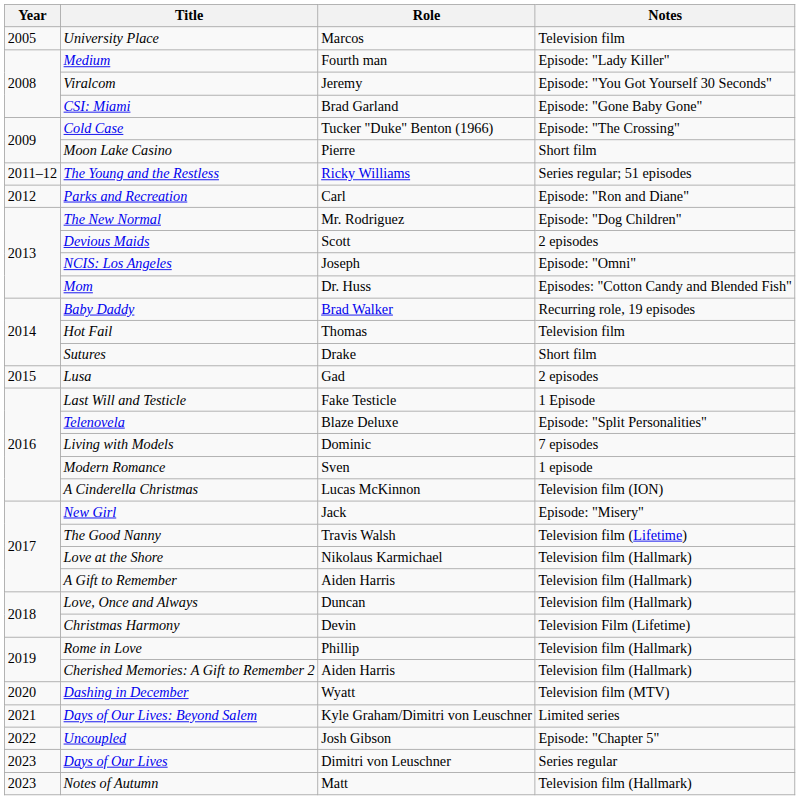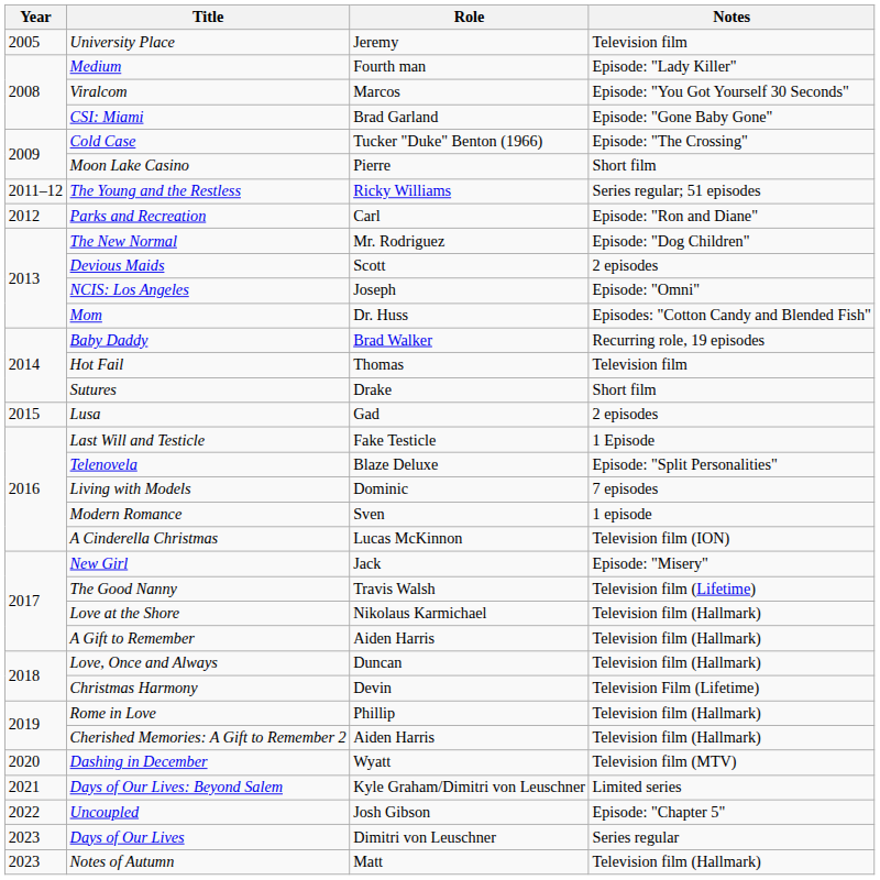 <table class="wikitable sortable">
 <tr>
 <th>Year</th>
 <th>Title</th>
 <th>Role</th>
 <th class="unsortable">Notes</th>
 </tr>
 <tr>
 <td>2005</td>
 <td><em>University Place</em></td>
-<td>Marcos</td>
+<td>Jeremy</td>
 <td>Television film</td>
 </tr>
 <tr>
 <td rowspan="3">2008</td>
 <td><em><a href='#'>Medium</a></em></td>
 <td>Fourth man</td>
 <td>Episode: "Lady Killer"</td>
 </tr>
 <tr>
 <td><em>Viralcom</em></td>
-<td>Jeremy</td>
+<td>Marcos</td>
 <td>Episode: "You Got Yourself 30 Seconds"</td>
 </tr>
 <tr>
 <td><em><a href='#'>CSI: Miami</a></em></td>
 <td>Brad Garland</td>
 <td>Episode: "Gone Baby Gone"</td>
 </tr>
 <tr>
 <td rowspan="2">2009</td>
 <td><em><a href='#'>Cold Case</a></em></td>
 <td>Tucker "Duke" Benton (1966)</td>
 <td>Episode: "The Crossing"</td>
 </tr>
 <tr>
 <td><em>Moon Lake Casino</em></td>
 <td>Pierre</td>
 <td>Short film</td>
 </tr>
 <tr>
 <td>2011–12</td>
 <td><em><a href='#'>The Young and the Restless</a></em></td>
 <td><a href='#'>Ricky Williams</a></td>
 <td>Series regular; 51 episodes</td>
 </tr>
 <tr>
 <td>2012</td>
 <td><em><a href='#'>Parks and Recreation</a></em></td>
 <td>Carl</td>
 <td>Episode: "Ron and Diane"</td>
 </tr>
 <tr>
 <td rowspan="4">2013</td>
 <td><em><a href='#'>The New Normal</a></em></td>
 <td>Mr. Rodriguez</td>
 <td>Episode: "Dog Children"</td>
 </tr>
 <tr>
 <td><em><a href='#'>Devious Maids</a></em></td>
 <td>Scott</td>
 <td>2 episodes</td>
 </tr>
 <tr>
 <td><em><a href='#'>NCIS: Los Angeles</a></em></td>
 <td>Joseph</td>
 <td>Episode: "Omni"</td>
 </tr>
 <tr>
 <td><em><a href='#'>Mom</a></em></td>
 <td>Dr. Huss</td>
 <td>Episodes: "Cotton Candy and Blended Fish"</td>
 </tr>
 <tr>
 <td rowspan="3">2014</td>
 <td><em><a href='#'>Baby Daddy</a></em></td>
 <td><a href='#'>Brad Walker</a></td>
 <td>Recurring role, 19 episodes</td>
 </tr>
 <tr>
 <td><em>Hot Fail</em></td>
 <td>Thomas</td>
 <td>Television film</td>
 </tr>
 <tr>
 <td><em>Sutures</em></td>
 <td>Drake</td>
 <td>Short film</td>
 </tr>
 <tr>
 <td>2015</td>
 <td><em>Lusa</em></td>
 <td>Gad</td>
 <td>2 episodes</td>
 </tr>
 <tr>
 <td rowspan="5">2016</td>
 <td><em>Last Will and Testicle</em></td>
 <td>Fake Testicle</td>
 <td>1 Episode</td>
 </tr>
 <tr>
 <td><em><a href='#'>Telenovela</a></em></td>
 <td>Blaze Deluxe</td>
 <td>Episode: "Split Personalities"</td>
 </tr>
 <tr>
 <td><em>Living with Models</em></td>
 <td>Dominic</td>
 <td>7 episodes</td>
 </tr>
 <tr>
 <td><em>Modern Romance</em></td>
 <td>Sven</td>
 <td>1 episode</td>
 </tr>
 <tr>
 <td><em>A Cinderella Christmas</em></td>
 <td>Lucas McKinnon</td>
 <td>Television film (ION)</td>
 </tr>
 <tr>
 <td rowspan="4">2017</td>
 <td><em><a href='#'>New Girl</a></em></td>
 <td>Jack</td>
 <td>Episode: "Misery"</td>
 </tr>
 <tr>
 <td><em>The Good Nanny</em></td>
 <td>Travis Walsh</td>
 <td>Television film (<a href='#'>Lifetime</a>)</td>
 </tr>
 <tr>
 <td><em>Love at the Shore</em></td>
 <td>Nikolaus Karmichael</td>
 <td>Television film (Hallmark)</td>
 </tr>
 <tr>
 <td><em>A Gift to Remember</em></td>
 <td>Aiden Harris</td>
 <td>Television film (Hallmark)</td>
 </tr>
 <tr>
 <td rowspan="2">2018</td>
 <td><em>Love, Once and Always</em></td>
 <td>Duncan</td>
 <td>Television film (Hallmark)</td>
 </tr>
 <tr>
 <td><em>Christmas Harmony</em></td>
 <td>Devin</td>
 <td>Television Film (Lifetime)</td>
 </tr>
 <tr>
 <td rowspan="2">2019</td>
 <td><em>Rome in Love</em></td>
 <td>Phillip</td>
 <td>Television film (Hallmark)</td>
 </tr>
 <tr>
 <td><em>Cherished Memories: A Gift to Remember 2</em></td>
 <td>Aiden Harris</td>
 <td>Television film (Hallmark)</td>
 </tr>
 <tr>
 <td>2020</td>
 <td><em><a href='#'>Dashing in December</a></em></td>
 <td>Wyatt</td>
 <td>Television film (MTV)</td>
 </tr>
 <tr>
 <td>2021</td>
 <td><em><a href='#'>Days of Our Lives: Beyond Salem</a></em></td>
 <td>Kyle Graham/Dimitri von Leuschner</td>
 <td>Limited series</td>
 </tr>
 <tr>
 <td>2022</td>
 <td><em><a href='#'>Uncoupled</a></em></td>
 <td>Josh Gibson</td>
 <td>Episode: "Chapter 5"</td>
 </tr>
 <tr>
 <td>2023</td>
 <td><em><a href='#'>Days of Our Lives</a></em></td>
 <td>Dimitri von Leuschner</td>
 <td>Series regular</td>
 </tr>
 <tr>
 <td>2023</td>
 <td><em>Notes of Autumn</em></td>
 <td>Matt</td>
 <td>Television film (Hallmark)</td>
 </tr>
 </table>
